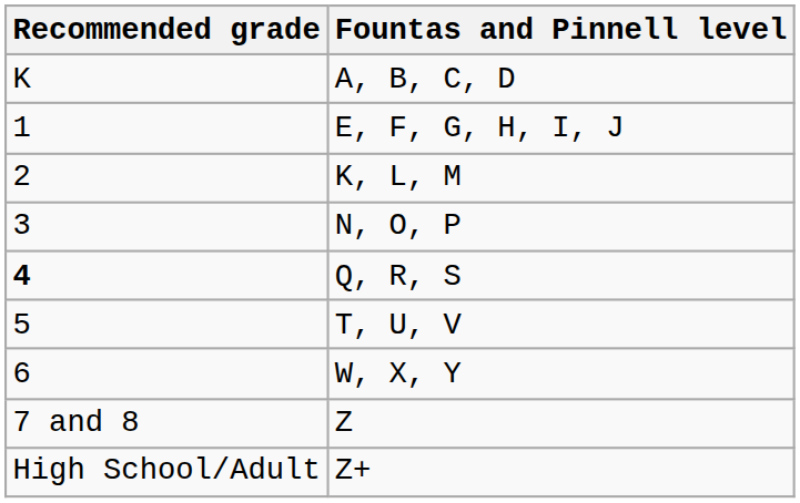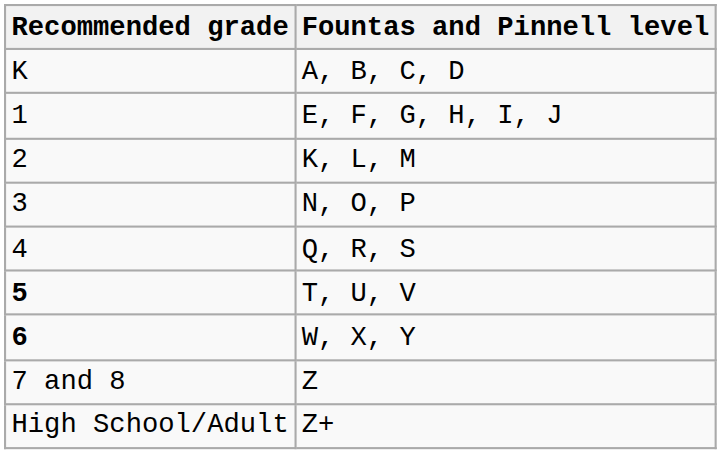 <table class="wikitable">
 <tr>
 <th>Recommended grade</th>
 <th>Fountas and Pinnell level</th>
 </tr>
 <tr>
 <td>K</td>
 <td>A, B, C, D</td>
 </tr>
 <tr>
 <td>1</td>
 <td>E, F, G, H, I, J</td>
 </tr>
 <tr>
 <td>2</td>
 <td>K, L, M</td>
 </tr>
 <tr>
 <td>3</td>
 <td>N, O, P</td>
 </tr>
 <tr>
-<td><strong>4</strong></td>
+<td>4</td>
 <td>Q, R, S</td>
 </tr>
 <tr>
-<td>5</td>
+<td><strong>5</strong></td>
 <td>T, U, V</td>
 </tr>
 <tr>
-<td>6</td>
+<td><strong>6</strong></td>
 <td>W, X, Y</td>
 </tr>
 <tr>
 <td>7 and 8</td>
 <td>Z</td>
 </tr>
 <tr>
 <td>High School/Adult</td>
 <td>Z+</td>
 </tr>
 </table>
